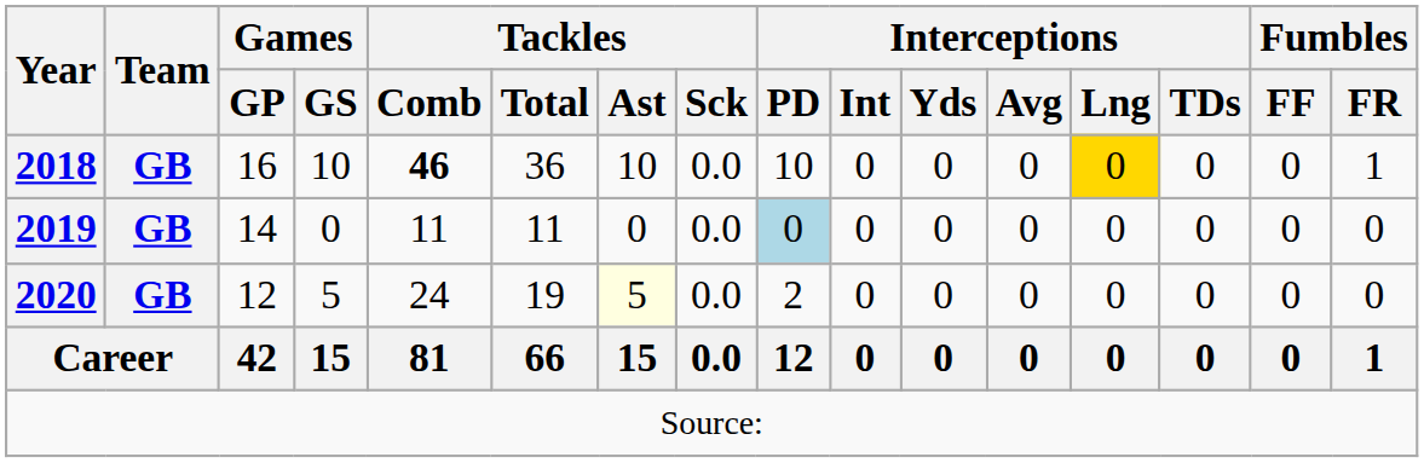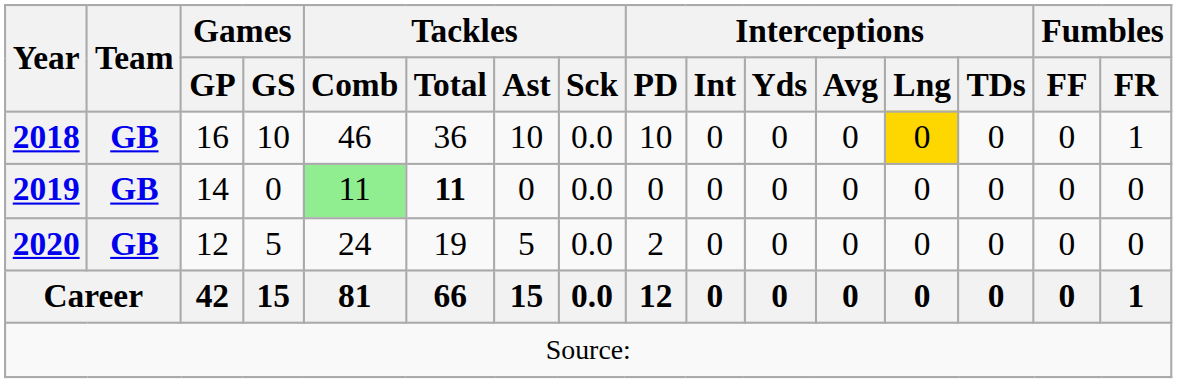 <table class="wikitable" style="text-align: center;">
 <tr>
 <th rowspan="2">Year</th>
 <th rowspan="2">Team</th>
 <th colspan="2">Games</th>
 <th colspan="4">Tackles</th>
 <th colspan="6">Interceptions</th>
 <th colspan="2">Fumbles</th>
 </tr>
 <tr>
 <th>GP</th>
 <th>GS</th>
 <th>Comb</th>
 <th>Total</th>
 <th>Ast</th>
 <th>Sck</th>
 <th>PD</th>
 <th>Int</th>
 <th>Yds</th>
 <th>Avg</th>
 <th>Lng</th>
 <th>TDs</th>
 <th>FF</th>
 <th>FR</th>
 </tr>
 <tr>
 <th><a href='#'>2018</a></th>
 <th><a href='#'>GB</a></th>
 <td>16</td>
 <td>10</td>
-<td><strong>46</strong></td>
+<td>46</td>
 <td>36</td>
 <td>10</td>
 <td>0.0</td>
 <td>10</td>
 <td>0</td>
 <td>0</td>
 <td>0</td>
 <td style="background: gold;">0</td>
 <td>0</td>
 <td>0</td>
 <td>1</td>
 </tr>
 <tr>
 <th><a href='#'>2019</a></th>
 <th><a href='#'>GB</a></th>
 <td>14</td>
 <td>0</td>
-<td>11</td>
-<td>11</td>
+<td style="background: lightgreen;">11</td>
+<td><strong>11</strong></td>
 <td>0</td>
 <td>0.0</td>
-<td style="background: lightblue;">0</td>
+<td>0</td>
 <td>0</td>
 <td>0</td>
 <td>0</td>
 <td>0</td>
 <td>0</td>
 <td>0</td>
 <td>0</td>
 </tr>
 <tr>
 <th><a href='#'>2020</a></th>
 <th><a href='#'>GB</a></th>
 <td>12</td>
 <td>5</td>
 <td>24</td>
 <td>19</td>
-<td style="background: lightyellow;">5</td>
+<td>5</td>
 <td>0.0</td>
 <td>2</td>
 <td>0</td>
 <td>0</td>
 <td>0</td>
 <td>0</td>
 <td>0</td>
 <td>0</td>
 <td>0</td>
 </tr>
 <tr>
 <th colspan="2">Career</th>
 <th>42</th>
 <th>15</th>
 <th>81</th>
 <th>66</th>
 <th>15</th>
 <th>0.0</th>
 <th>12</th>
 <th>0</th>
 <th>0</th>
 <th>0</th>
 <th>0</th>
 <th>0</th>
 <th>0</th>
 <th>1</th>
 </tr>
 <tr>
 <td colspan="17"><small>Source: </small></td>
 </tr>
 </table>
